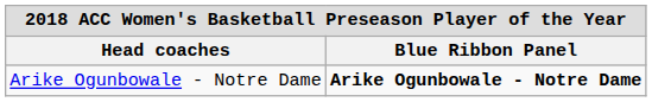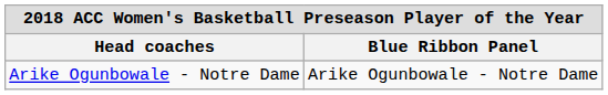 <table class="wikitable" style="white-space:nowrap; font-size:90%;">
 <tr>
 <td colspan="2" style="text-align:center; background:#ddd;"><strong>2018 ACC Women's Basketball Preseason Player of the Year</strong></td>
 </tr>
 <tr>
 <th>Head coaches</th>
 <th>Blue Ribbon Panel</th>
 </tr>
 <tr>
 <td><a href='#'>Arike Ogunbowale</a> - Notre Dame</td>
-<td><strong>Arike Ogunbowale - Notre Dame</strong></td>
+<td>Arike Ogunbowale - Notre Dame</td>
 </tr>
 </table>
